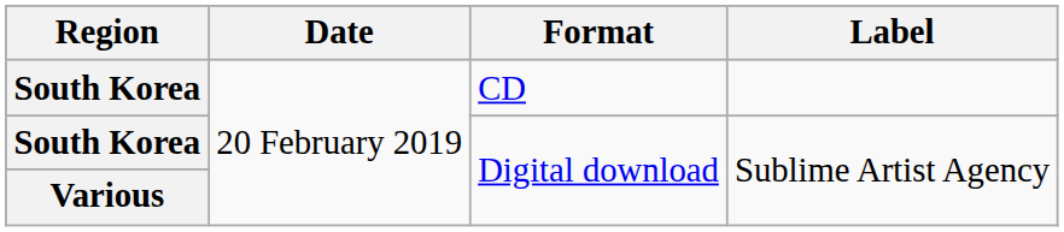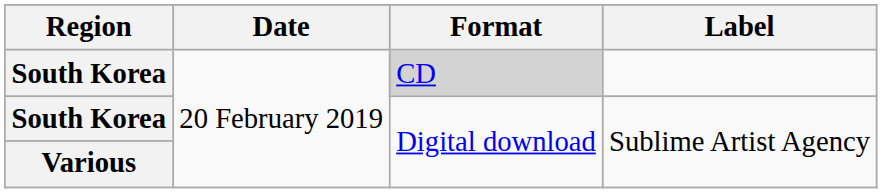 <table class = "wikitable plainrowheaders">
 <tr>
 <th>Region</th>
 <th>Date</th>
 <th>Format</th>
 <th>Label</th>
 </tr>
 <tr>
 <th scope="row">South Korea</th>
 <td rowspan=3>20 February 2019</td>
-<td><a href='#'>CD</a></td>
+<td style="background: lightgrey;"><a href='#'>CD</a></td>
 <td></td>
 </tr>
 <tr>
 <th scope="row">South Korea</th>
 <td rowspan=2><a href='#'>Digital download</a></td>
 <td rowspan=2>Sublime Artist Agency</td>
 </tr>
 <tr>
 <th scope="row">Various</th>
 </tr>
 </table>
